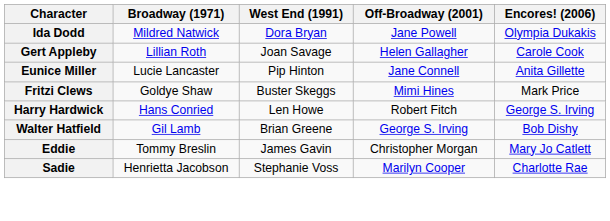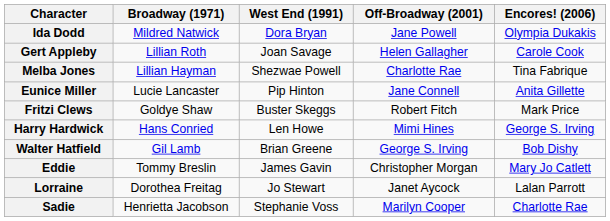 <table class="wikitable" style="width:50%; text-align:center">
 <tr>
 <th scope="col">Character</th>
 <th>Broadway (1971)</th>
 <th>West End (1991)</th>
 <th>Off-Broadway (2001)</th>
 <th>Encores! (2006)</th>
 </tr>
 <tr>
 <th>Ida Dodd</th>
 <td colspan="1"><a href='#'>Mildred Natwick</a></td>
 <td colspan="1"><a href='#'>Dora Bryan</a></td>
 <td colspan="1"><a href='#'>Jane Powell</a></td>
 <td colspan="1"><a href='#'>Olympia Dukakis</a></td>
 </tr>
 <tr>
 <th>Gert Appleby</th>
 <td colspan="1”"><a href='#'>Lillian Roth</a></td>
 <td colspan="1”">Joan Savage</td>
 <td colspan="1”"><a href='#'>Helen Gallagher</a></td>
 <td colspan="1”"><a href='#'>Carole Cook</a></td>
 </tr>
 <tr>
+<th>Melba Jones</th>
+<td colspan="1”"><a href='#'>Lillian Hayman</a></td>
+<td colspan="1”">Shezwae Powell</td>
+<td colspan="1"><a href='#'>Charlotte Rae</a></td>
+<td colspan="1">Tina Fabrique</td>
+</tr>
+<tr>
 <th>Eunice Miller</th>
 <td colspan="1">Lucie Lancaster</td>
 <td colspan="1">Pip Hinton</td>
 <td colspan="1"><a href='#'>Jane Connell</a></td>
 <td colspan="1"><a href='#'>Anita Gillette</a></td>
 </tr>
 <tr>
 <th>Fritzi Clews</th>
 <td colspan="1">Goldye Shaw</td>
 <td colspan="1">Buster Skeggs</td>
-<td colspan="1"><a href='#'>Mimi Hines</a></td>
+<td colspan="1">Robert Fitch</td>
 <td colspan="1">Mark Price</td>
 </tr>
 <tr>
 <th>Harry Hardwick</th>
 <td colspan="1"><a href='#'>Hans Conried</a></td>
 <td colspan="1">Len Howe</td>
-<td colspan="1">Robert Fitch</td>
+<td colspan="1"><a href='#'>Mimi Hines</a></td>
 <td colspan="1"><a href='#'>George S. Irving</a></td>
 </tr>
 <tr>
 <th>Walter Hatfield</th>
 <td colspan="1"><a href='#'>Gil Lamb</a></td>
 <td colspan="1">Brian Greene</td>
 <td colspan="1"><a href='#'>George S. Irving</a></td>
 <td colspan="1"><a href='#'>Bob Dishy</a></td>
 </tr>
 <tr>
 <th>Eddie</th>
 <td colspan="1">Tommy Breslin</td>
 <td colspan="1">James Gavin</td>
 <td colspan="1">Christopher Morgan</td>
 <td colspan="1"><a href='#'>Mary Jo Catlett</a></td>
 </tr>
 <tr>
+<th>Lorraine</th>
+<td colspan="1">Dorothea Freitag</td>
+<td colspan="1">Jo Stewart</td>
+<td colspan="1">Janet Aycock</td>
+<td colspan="1">Lalan Parrott</td>
+</tr>
+<tr>
 <th>Sadie</th>
 <td colspan="1">Henrietta Jacobson</td>
 <td colspan="1">Stephanie Voss</td>
 <td colspan="1"><a href='#'>Marilyn Cooper</a></td>
 <td colspan="1"><a href='#'>Charlotte Rae</a></td>
 </tr>
 </table>
